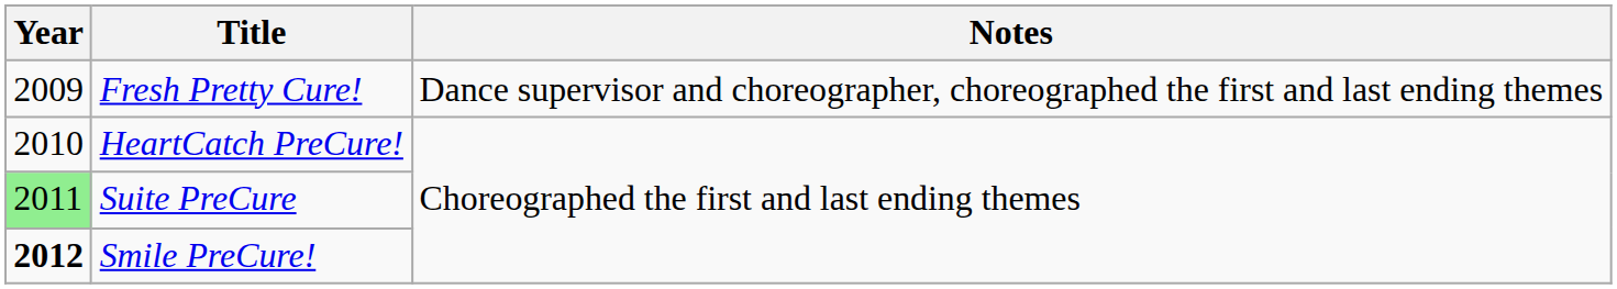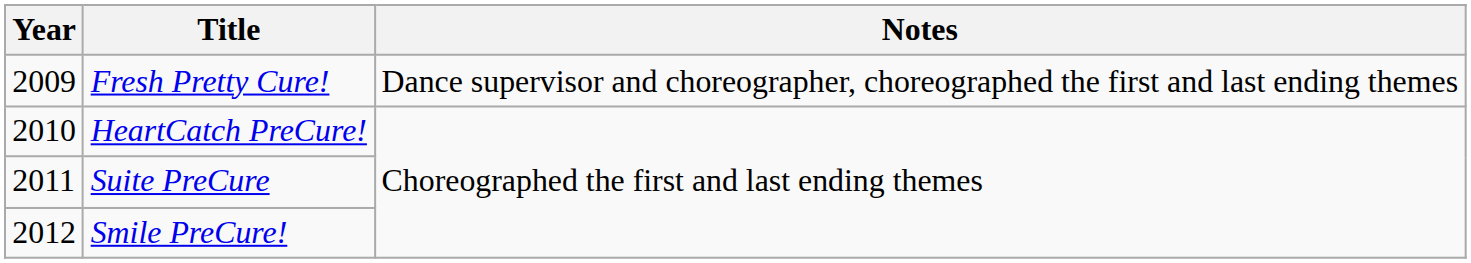 <table class="wikitable">
 <tr>
 <th>Year</th>
 <th>Title</th>
 <th>Notes</th>
 </tr>
 <tr>
 <td>2009</td>
 <td><em><a href='#'>Fresh Pretty Cure!</a></em></td>
 <td>Dance supervisor and choreographer, choreographed the first and last ending themes</td>
 </tr>
 <tr>
 <td>2010</td>
 <td><em><a href='#'>HeartCatch PreCure!</a></em></td>
 <td rowspan="3">Choreographed the first and last ending themes</td>
 </tr>
 <tr>
-<td style="background: lightgreen;">2011</td>
+<td>2011</td>
 <td><em><a href='#'>Suite PreCure</a></em></td>
 </tr>
 <tr>
-<td><strong>2012</strong></td>
+<td>2012</td>
 <td><em><a href='#'>Smile PreCure!</a></em></td>
 </tr>
 </table>
